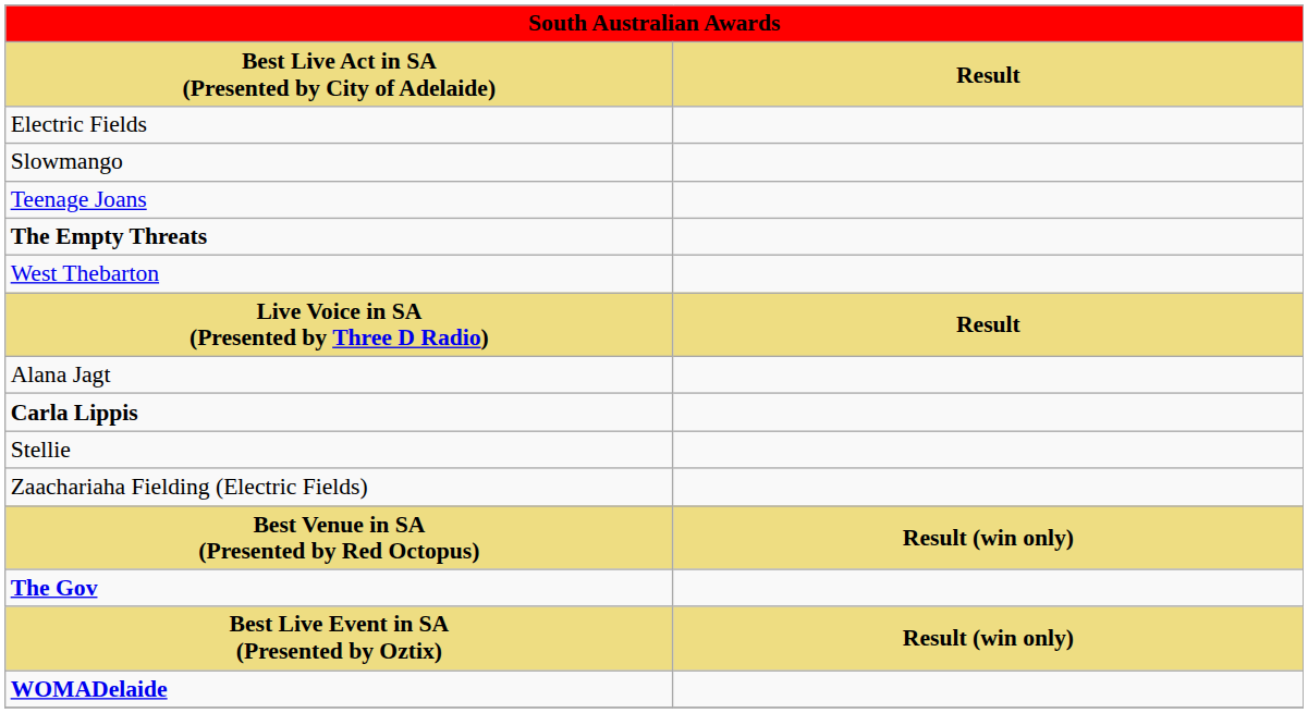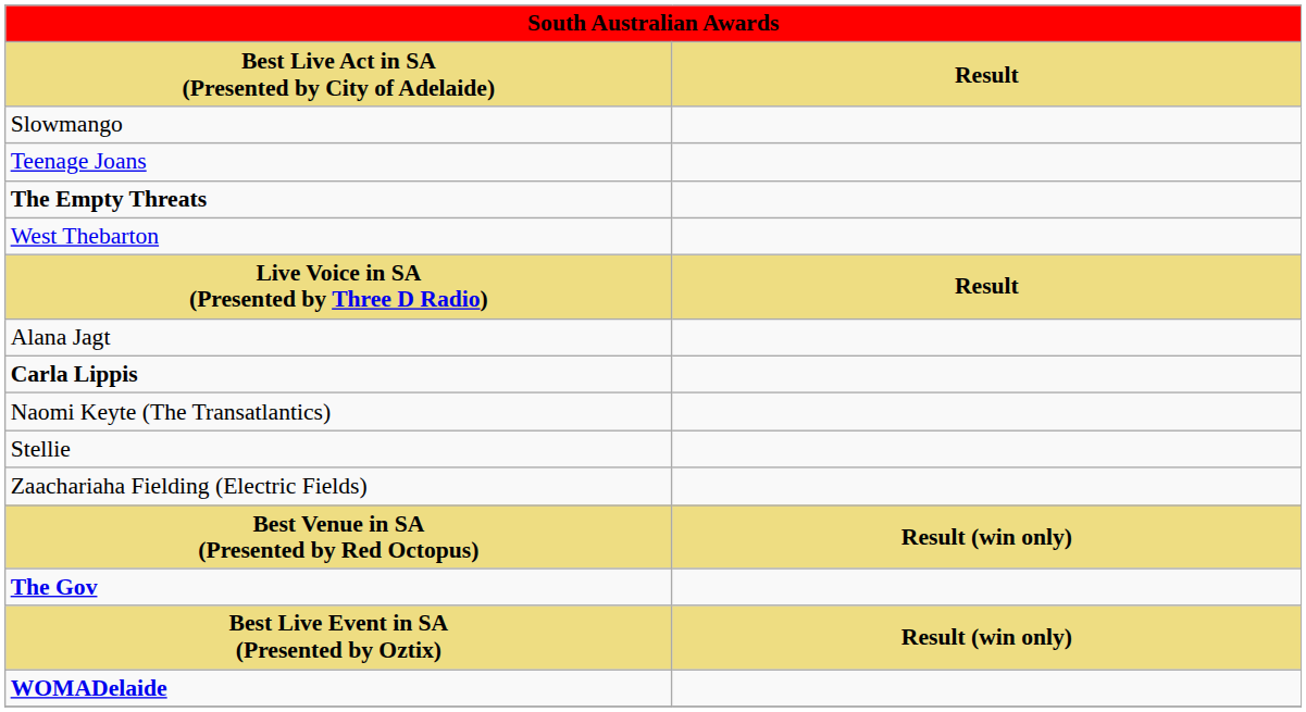 <table class="wikitable" width=100%>
 <tr>
 <th colspan="2" ! style="width:15%;background:red">South Australian Awards</th>
 </tr>
 <tr>
 <th style="width:10%;background:#EEDD82;">Best Live Act in SA <br> (Presented by City of Adelaide)</th>
 <th style="width:10%;background:#EEDD82;">Result</th>
-</tr>
-<tr>
-<td>Electric Fields</td>
-<td></td>
 </tr>
 <tr>
 <td>Slowmango</td>
 <td></td>
 </tr>
 <tr>
 <td><a href='#'>Teenage Joans</a></td>
 <td></td>
 </tr>
 <tr>
 <td><strong>The Empty Threats</strong></td>
 <td></td>
 </tr>
 <tr>
 <td><a href='#'>West Thebarton</a></td>
 <td></td>
 </tr>
 <tr>
 <th style="width:10%;background:#EEDD82;">Live Voice in SA <br> (Presented by <a href='#'>Three D Radio</a>)</th>
 <th style="width:10%;background:#EEDD82;">Result</th>
 </tr>
 <tr>
 <td>Alana Jagt</td>
 <td></td>
 </tr>
 <tr>
 <td><strong>Carla Lippis</strong></td>
 <td></td>
 </tr>
 <tr>
+<td>Naomi Keyte (The Transatlantics)</td>
+<td></td>
+</tr>
+<tr>
 <td>Stellie</td>
 <td></td>
 </tr>
 <tr>
 <td>Zaachariaha Fielding (Electric Fields)</td>
 <td></td>
 </tr>
 <tr>
 <th style="width:10%;background:#EEDD82;">Best Venue in SA <br> (Presented by Red Octopus)</th>
 <th style="width:10%;background:#EEDD82;">Result (win only)</th>
 </tr>
 <tr>
 <td><strong><a href='#'>The Gov</a></strong></td>
 <td></td>
 </tr>
 <tr>
 <th style="width:10%;background:#EEDD82;">Best Live Event in SA <br> (Presented by Oztix)</th>
 <th style="width:10%;background:#EEDD82;">Result (win only)</th>
 </tr>
 <tr>
 <td><strong><a href='#'>WOMADelaide</a></strong></td>
 <td></td>
 </tr>
 <tr>
 </tr>
 </table>
